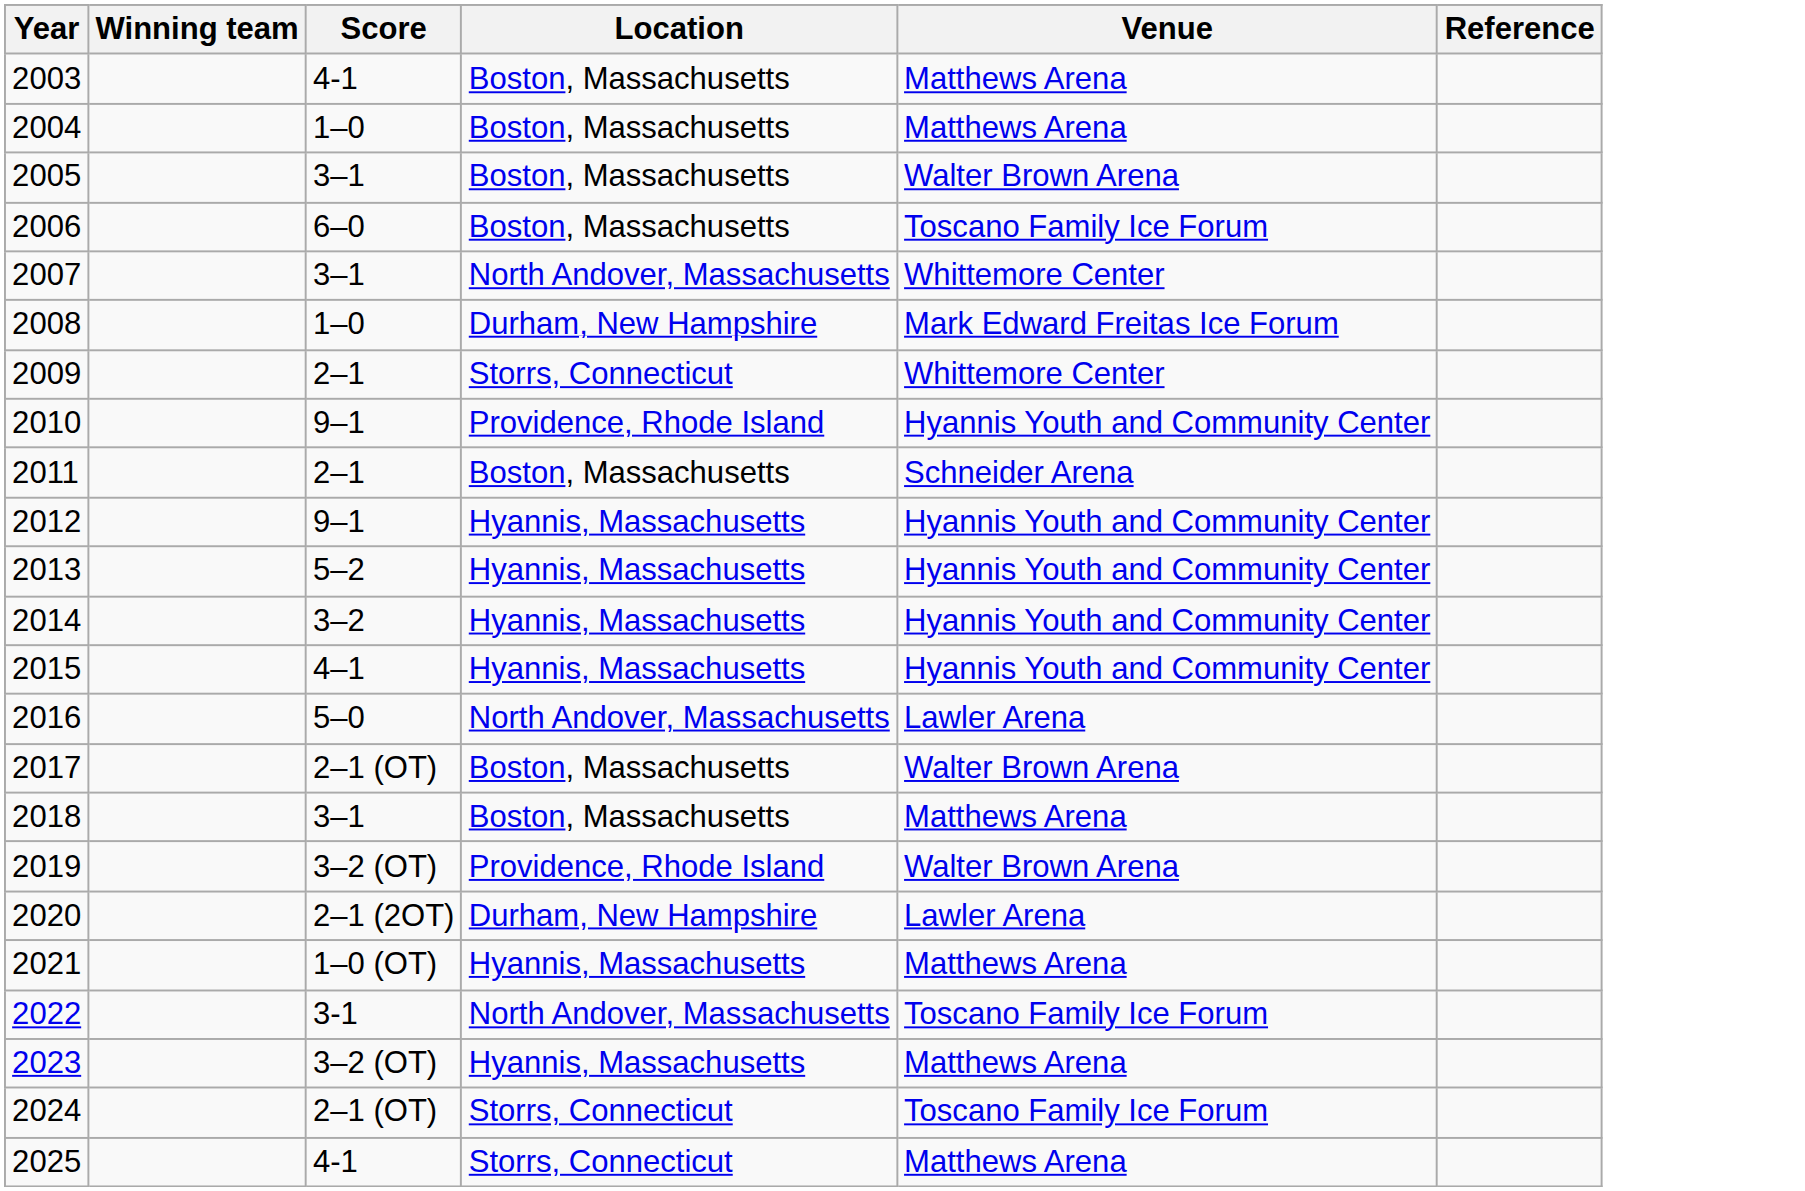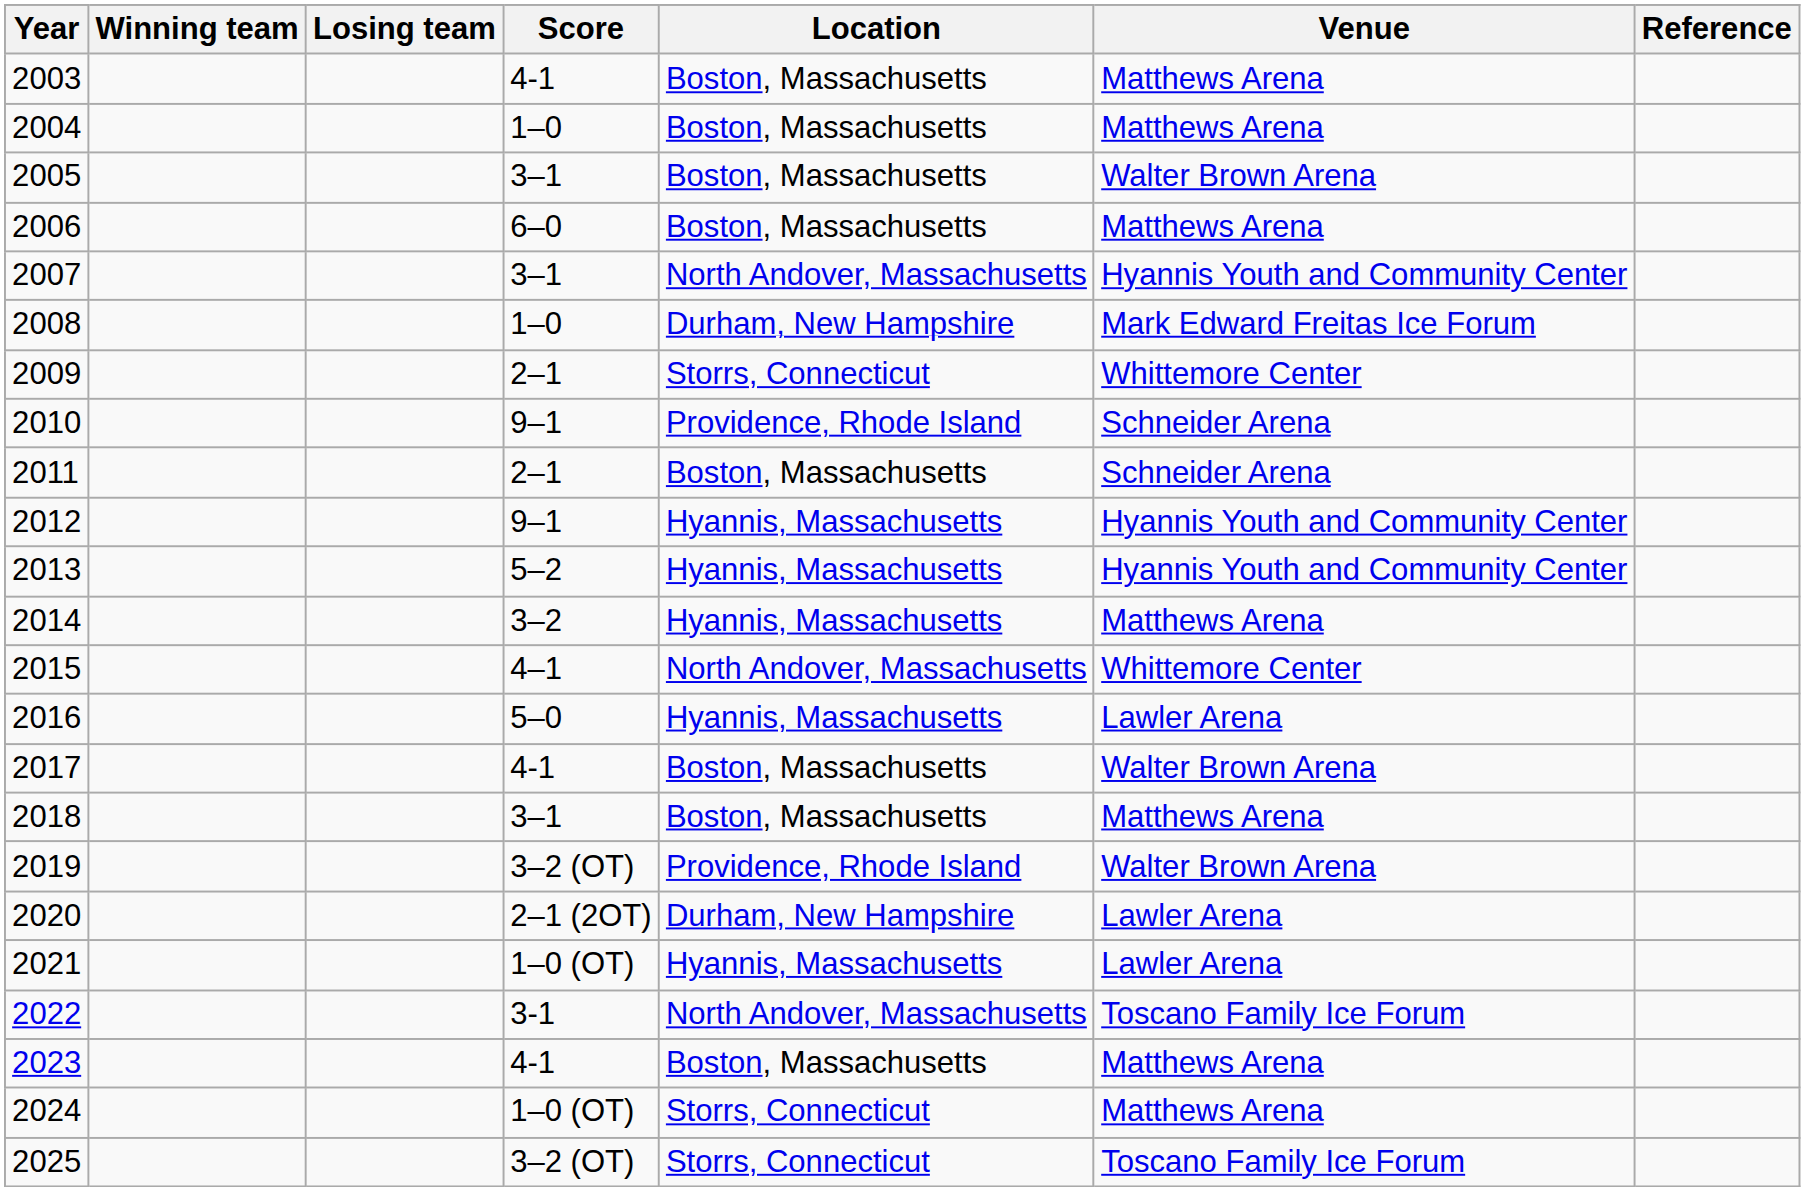 <table class="wikitable sortable">
 <tr>
 <th>Year</th>
 <th>Winning team</th>
+<th>Losing team</th>
 <th>Score</th>
 <th>Location</th>
 <th>Venue</th>
 <th class=unsortable>Reference</th>
 </tr>
 <tr>
 <td>2003</td>
+<td><a href='#'></a></td>
 <td><a href='#'></a></td>
 <td>4-1</td>
 <td><a href='#'>Boston</a>, Massachusetts</td>
 <td><a href='#'>Matthews Arena</a></td>
 <td></td>
 </tr>
 <tr>
 <td>2004</td>
 <td><a href='#'></a></td>
+<td><a href='#'></a></td>
 <td>1–0</td>
 <td><a href='#'>Boston</a>, Massachusetts</td>
 <td><a href='#'>Matthews Arena</a></td>
 <td></td>
 </tr>
 <tr>
 <td>2005</td>
+<td><a href='#'></a></td>
 <td><a href='#'></a></td>
 <td>3–1</td>
 <td><a href='#'>Boston</a>, Massachusetts</td>
 <td><a href='#'>Walter Brown Arena</a></td>
 <td></td>
 </tr>
 <tr>
 <td>2006</td>
 <td><a href='#'></a></td>
+<td><a href='#'></a></td>
 <td>6–0</td>
 <td><a href='#'>Boston</a>, Massachusetts</td>
-<td><a href='#'>Toscano Family Ice Forum</a></td>
+<td><a href='#'>Matthews Arena</a></td>
 <td></td>
 </tr>
 <tr>
 <td>2007</td>
 <td><a href='#'></a></td>
+<td><a href='#'></a></td>
 <td>3–1</td>
 <td><a href='#'>North Andover, Massachusetts</a></td>
-<td><a href='#'>Whittemore Center</a></td>
+<td><a href='#'>Hyannis Youth and Community Center</a></td>
 <td></td>
 </tr>
 <tr>
 <td>2008</td>
+<td><a href='#'></a></td>
 <td><a href='#'></a></td>
 <td>1–0</td>
 <td><a href='#'>Durham, New Hampshire</a></td>
 <td><a href='#'>Mark Edward Freitas Ice Forum</a></td>
 <td></td>
 </tr>
 <tr>
 <td>2009</td>
 <td><a href='#'></a></td>
+<td><a href='#'></a></td>
 <td>2–1</td>
 <td><a href='#'>Storrs, Connecticut</a></td>
 <td><a href='#'>Whittemore Center</a></td>
 <td></td>
 </tr>
 <tr>
 <td>2010</td>
 <td><a href='#'></a></td>
+<td><a href='#'></a></td>
 <td>9–1</td>
 <td><a href='#'>Providence, Rhode Island</a></td>
-<td><a href='#'>Hyannis Youth and Community Center</a></td>
+<td><a href='#'>Schneider Arena</a></td>
 <td></td>
 </tr>
 <tr>
 <td>2011</td>
+<td><a href='#'></a></td>
 <td><a href='#'></a></td>
 <td>2–1</td>
 <td><a href='#'>Boston</a>, Massachusetts</td>
 <td><a href='#'>Schneider Arena</a></td>
 <td></td>
 </tr>
 <tr>
 <td>2012</td>
 <td><a href='#'></a></td>
+<td><a href='#'></a></td>
 <td>9–1</td>
 <td><a href='#'>Hyannis, Massachusetts</a></td>
 <td><a href='#'>Hyannis Youth and Community Center</a></td>
 <td></td>
 </tr>
 <tr>
 <td>2013</td>
+<td><a href='#'></a></td>
 <td><a href='#'></a></td>
 <td>5–2</td>
 <td><a href='#'>Hyannis, Massachusetts</a></td>
 <td><a href='#'>Hyannis Youth and Community Center</a></td>
 <td></td>
 </tr>
 <tr>
 <td>2014</td>
 <td><a href='#'></a></td>
+<td><a href='#'></a></td>
 <td>3–2</td>
 <td><a href='#'>Hyannis, Massachusetts</a></td>
-<td><a href='#'>Hyannis Youth and Community Center</a></td>
+<td><a href='#'>Matthews Arena</a></td>
 <td></td>
 </tr>
 <tr>
 <td>2015</td>
 <td><a href='#'></a></td>
+<td><a href='#'></a></td>
 <td>4–1</td>
-<td><a href='#'>Hyannis, Massachusetts</a></td>
-<td><a href='#'>Hyannis Youth and Community Center</a></td>
+<td><a href='#'>North Andover, Massachusetts</a></td>
+<td><a href='#'>Whittemore Center</a></td>
 <td></td>
 </tr>
 <tr>
 <td>2016</td>
 <td><a href='#'></a></td>
+<td><a href='#'></a></td>
 <td>5–0</td>
-<td><a href='#'>North Andover, Massachusetts</a></td>
+<td><a href='#'>Hyannis, Massachusetts</a></td>
 <td><a href='#'>Lawler Arena</a></td>
 <td></td>
 </tr>
 <tr>
 <td>2017</td>
 <td><a href='#'></a></td>
-<td>2–1 (OT)</td>
+<td><a href='#'></a></td>
+<td>4-1</td>
 <td><a href='#'>Boston</a>, Massachusetts</td>
 <td><a href='#'>Walter Brown Arena</a></td>
 <td></td>
 </tr>
 <tr>
 <td>2018</td>
+<td><a href='#'></a></td>
 <td><a href='#'></a></td>
 <td>3–1</td>
 <td><a href='#'>Boston</a>, Massachusetts</td>
 <td><a href='#'>Matthews Arena</a></td>
 <td></td>
 </tr>
 <tr>
 <td>2019</td>
 <td><a href='#'></a></td>
+<td><a href='#'></a></td>
 <td>3–2 (OT)</td>
 <td><a href='#'>Providence, Rhode Island</a></td>
 <td><a href='#'>Walter Brown Arena</a></td>
 <td></td>
 </tr>
 <tr>
 <td>2020</td>
+<td><a href='#'></a></td>
 <td><a href='#'></a></td>
 <td>2–1 (2OT)</td>
 <td><a href='#'>Durham, New Hampshire</a></td>
 <td><a href='#'>Lawler Arena</a></td>
 <td></td>
 </tr>
 <tr>
 <td>2021</td>
 <td><a href='#'></a></td>
+<td><a href='#'></a></td>
 <td>1–0 (OT)</td>
 <td><a href='#'>Hyannis, Massachusetts</a></td>
-<td><a href='#'>Matthews Arena</a></td>
+<td><a href='#'>Lawler Arena</a></td>
 <td></td>
 </tr>
 <tr>
 <td><a href='#'>2022</a></td>
+<td><a href='#'></a></td>
 <td><a href='#'></a></td>
 <td>3-1</td>
 <td><a href='#'>North Andover, Massachusetts</a></td>
 <td><a href='#'>Toscano Family Ice Forum</a></td>
 <td></td>
 </tr>
 <tr>
 <td><a href='#'>2023</a></td>
 <td><a href='#'></a></td>
-<td>3–2 (OT)</td>
-<td><a href='#'>Hyannis, Massachusetts</a></td>
+<td><a href='#'></a></td>
+<td>4-1</td>
+<td><a href='#'>Boston</a>, Massachusetts</td>
 <td><a href='#'>Matthews Arena</a></td>
 <td></td>
 </tr>
 <tr>
 <td>2024</td>
 <td><a href='#'></a></td>
-<td>2–1 (OT)</td>
+<td><a href='#'></a></td>
+<td>1–0 (OT)</td>
 <td><a href='#'>Storrs, Connecticut</a></td>
-<td><a href='#'>Toscano Family Ice Forum</a></td>
+<td><a href='#'>Matthews Arena</a></td>
 <td></td>
 </tr>
 <tr>
 <td>2025</td>
 <td><a href='#'></a></td>
-<td>4-1</td>
+<td><a href='#'></a></td>
+<td>3–2 (OT)</td>
 <td><a href='#'>Storrs, Connecticut</a></td>
-<td><a href='#'>Matthews Arena</a></td>
+<td><a href='#'>Toscano Family Ice Forum</a></td>
 <td></td>
 </tr>
 </table>
